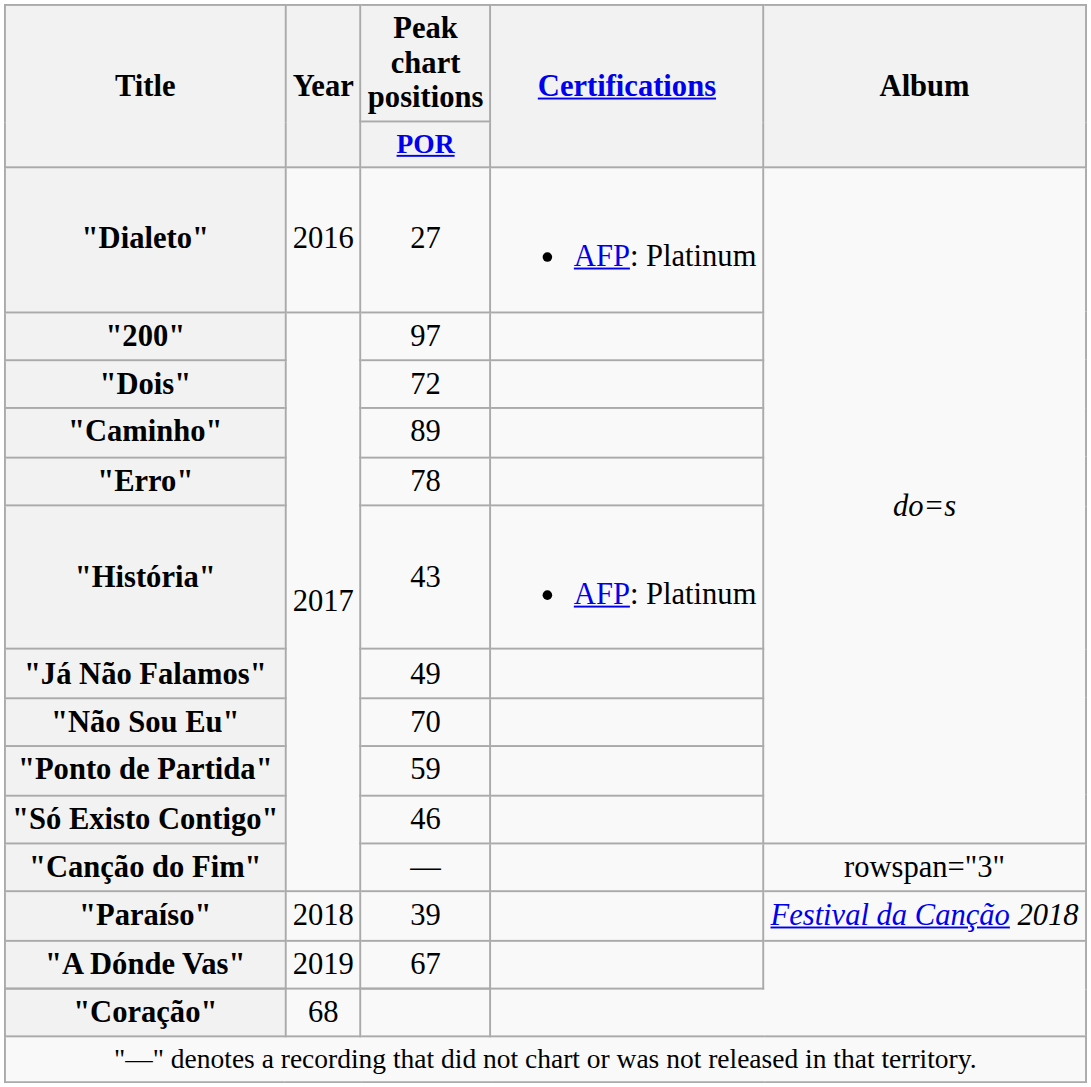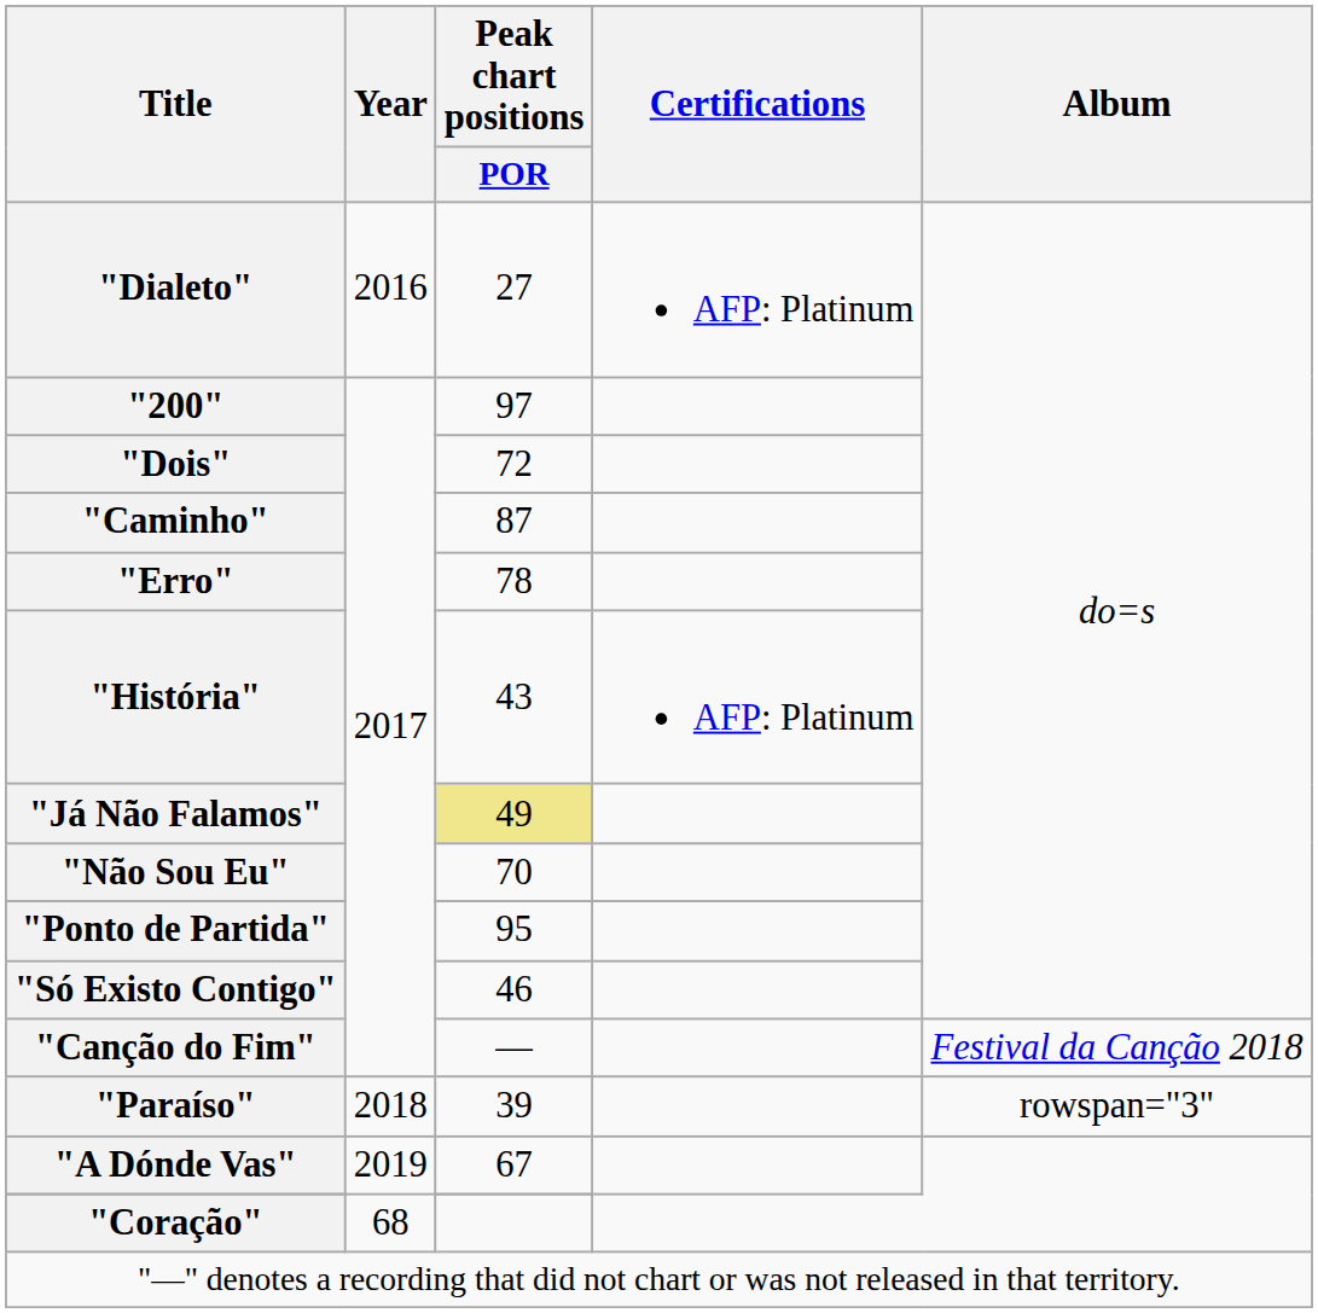 <table class="wikitable plainrowheaders" style="text-align:center;">
 <tr>
 <th rowspan="2" scope="col">Title</th>
 <th rowspan="2" scope="col">Year</th>
 <th scope="col">Peak chart positions</th>
 <th rowspan="2" scope="col"><a href='#'>Certifications</a></th>
 <th rowspan="2" scope="col">Album</th>
 </tr>
 <tr>
 <th scope="col" style="width:2.5em;font-size:90%;"><a href='#'>POR</a><br></th>
 </tr>
 <tr>
 <th scope="row">"Dialeto"</th>
 <td>2016</td>
 <td>27</td>
 <td><br><ul><li><a href='#'>AFP</a>: Platinum</li></ul></td>
 <td rowspan="10"><em>do=s</em></td>
 </tr>
 <tr>
 <th scope="row">"200"</th>
 <td rowspan="10">2017</td>
 <td>97</td>
 <td></td>
 </tr>
 <tr>
 <th scope="row">"Dois"</th>
 <td>72</td>
 <td></td>
 </tr>
 <tr>
 <th scope="row">"Caminho"</th>
-<td>89</td>
+<td>87</td>
 <td></td>
 </tr>
 <tr>
 <th scope="row">"Erro"</th>
 <td>78</td>
 <td></td>
 </tr>
 <tr>
 <th scope="row">"História"</th>
 <td>43</td>
 <td><br><ul><li><a href='#'>AFP</a>: Platinum</li></ul></td>
 </tr>
 <tr>
 <th scope="row">"Já Não Falamos"</th>
-<td>49</td>
+<td style="background: khaki;">49</td>
 <td></td>
 </tr>
 <tr>
 <th scope="row">"Não Sou Eu" <br> </th>
 <td>70</td>
 <td></td>
 </tr>
 <tr>
 <th scope="row">"Ponto de Partida" <br> </th>
-<td>59</td>
+<td>95</td>
 <td></td>
 </tr>
 <tr>
 <th scope="row">"Só Existo Contigo"</th>
 <td>46</td>
 <td></td>
 </tr>
 <tr>
 <th scope="row">"Canção do Fim"</th>
 <td>—</td>
 <td></td>
-<td>rowspan="3" <em></em></td>
+<td><em><a href='#'>Festival da Canção</a> 2018</em></td>
 </tr>
 <tr>
 <th scope="row">"Paraíso"</th>
 <td>2018</td>
 <td>39</td>
 <td></td>
-<td><em><a href='#'>Festival da Canção</a> 2018</em></td>
+<td>rowspan="3" <em></em></td>
 </tr>
 <tr>
 <th scope="row">"A Dónde Vas" <br> </th>
 <td rowspan="2">2019</td>
 <td>67</td>
 <td></td>
 </tr>
 <tr>
 </tr>
 <tr>
 <th scope="row">"Coração"</th>
 <td>68</td>
 <td></td>
 </tr>
 <tr>
 <td colspan="16" style="font-size:90%">"—" denotes a recording that did not chart or was not released in that territory.</td>
 </tr>
 </table>
